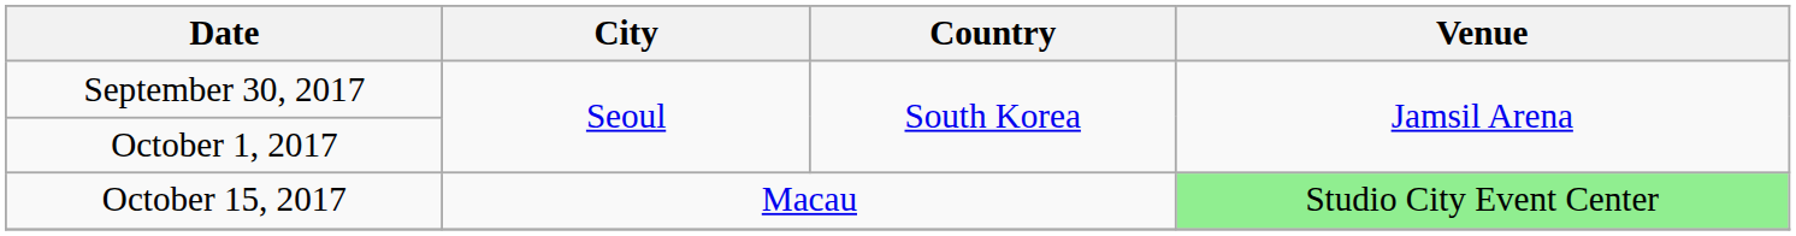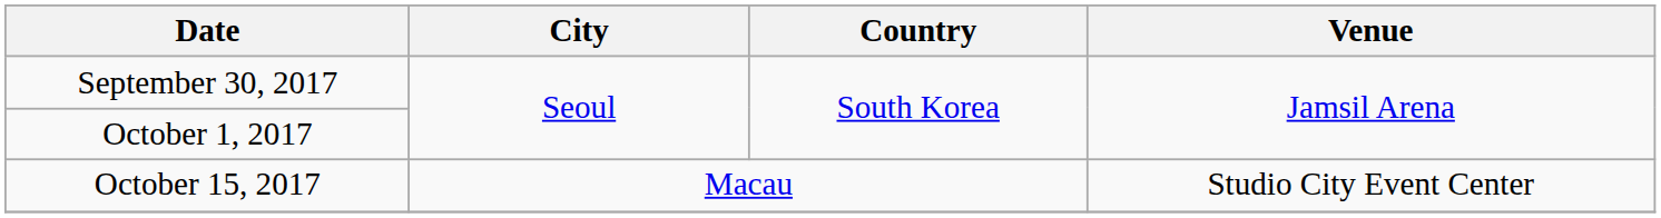 <table class="wikitable plainrowheaders" style="text-align:center;">
 <tr>
 <th scope="col" style="width:12em;">Date</th>
 <th scope="col" style="width:10em;">City</th>
 <th scope="col" style="width:10em;">Country</th>
 <th scope="col" style="width:17em;">Venue</th>
 </tr>
 <tr>
 <td>September 30, 2017</td>
 <td rowspan="2"><a href='#'>Seoul</a></td>
 <td rowspan="2"><a href='#'>South Korea</a></td>
 <td rowspan="2"><a href='#'>Jamsil Arena</a></td>
 </tr>
 <tr>
 <td>October 1, 2017</td>
 </tr>
 <tr>
 <td>October 15, 2017</td>
 <td colspan="2"><a href='#'>Macau</a></td>
-<td style="background: lightgreen;">Studio City Event Center</td>
+<td>Studio City Event Center</td>
 </tr>
 <tr>
 </tr>
 </table>
